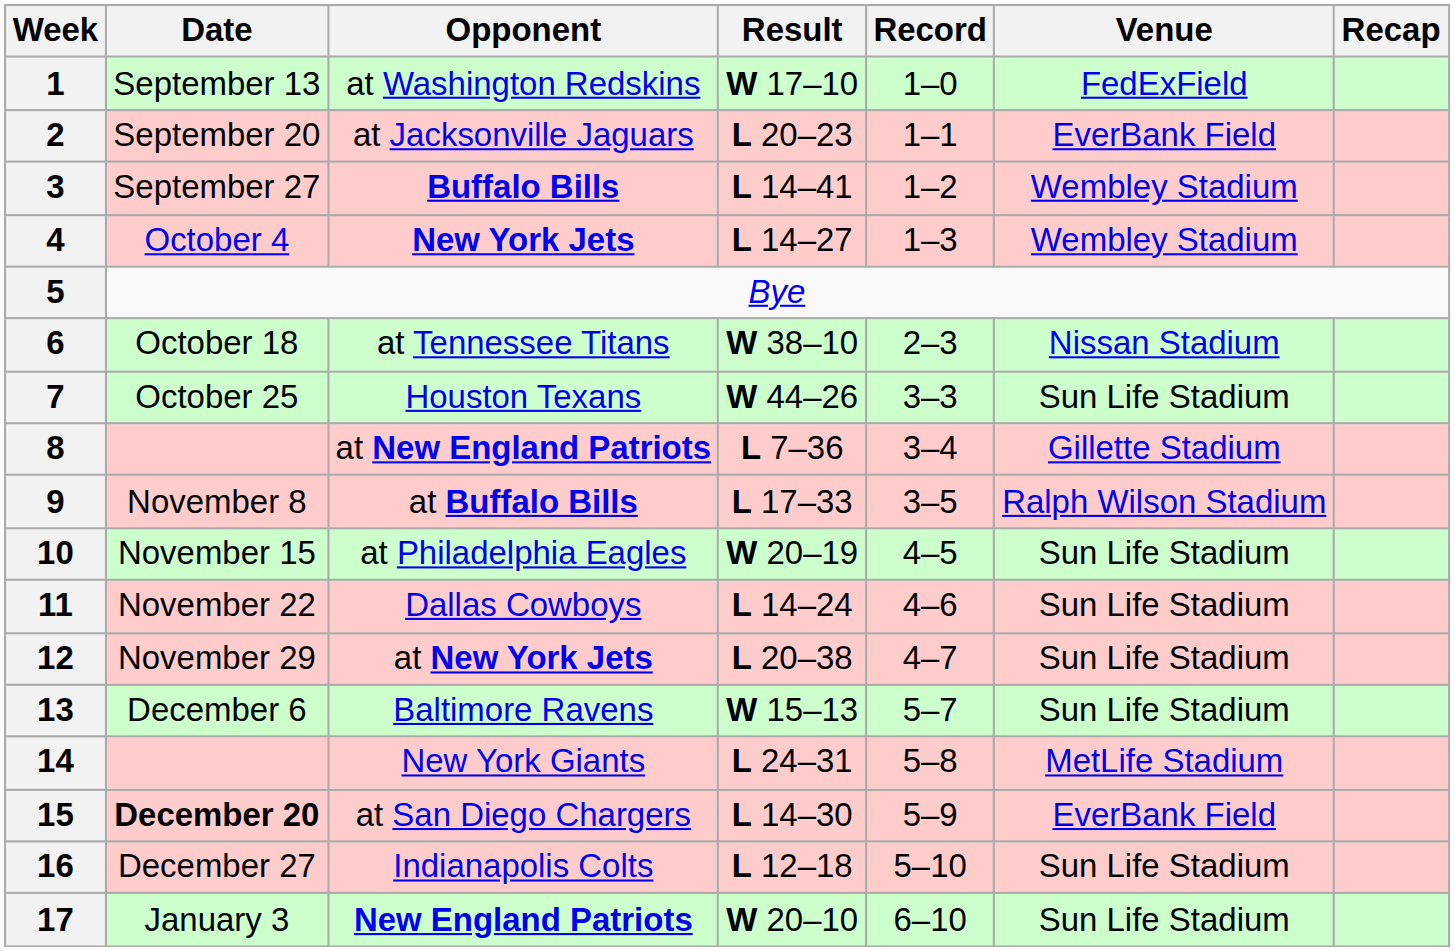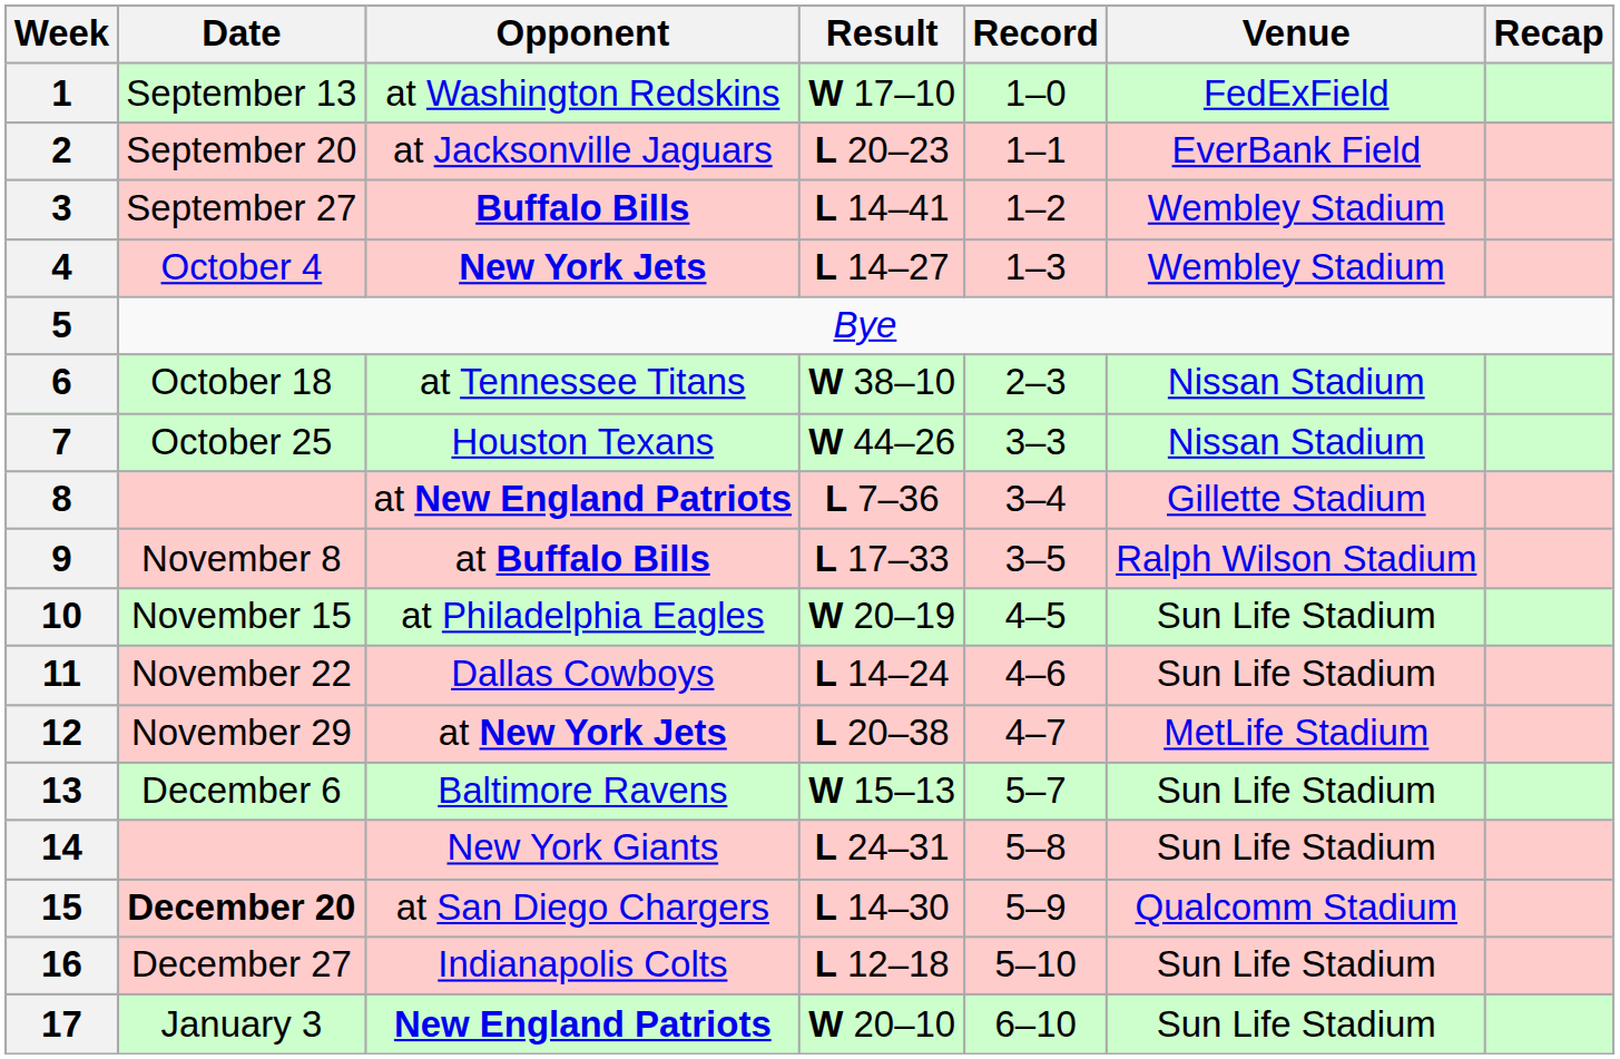 <table class="wikitable" style="text-align:center">
 <tr>
 <th>Week</th>
 <th>Date</th>
 <th>Opponent</th>
 <th>Result</th>
 <th>Record</th>
 <th>Venue</th>
 <th>Recap</th>
 </tr>
 <tr style="background:#cfc">
 <th>1</th>
 <td>September 13</td>
 <td>at <a href='#'>Washington Redskins</a></td>
 <td><strong>W</strong> 17–10</td>
 <td>1–0</td>
 <td><a href='#'>FedExField</a></td>
 <td></td>
 </tr>
 <tr style="background:#fcc">
 <th>2</th>
 <td>September 20</td>
 <td>at <a href='#'>Jacksonville Jaguars</a></td>
 <td><strong>L</strong> 20–23</td>
 <td>1–1</td>
 <td><a href='#'>EverBank Field</a></td>
 <td></td>
 </tr>
 <tr style="background:#fcc">
 <th>3</th>
 <td>September 27</td>
 <td><strong><a href='#'>Buffalo Bills</a></strong></td>
 <td><strong>L</strong> 14–41</td>
 <td>1–2</td>
 <td> <a href='#'>Wembley Stadium</a> </td>
 <td></td>
 </tr>
 <tr style="background:#fcc">
 <th>4</th>
 <td><a href='#'>October 4</a></td>
 <td><strong><a href='#'>New York Jets</a></strong></td>
 <td><strong>L</strong> 14–27</td>
 <td>1–3</td>
 <td> <a href='#'>Wembley Stadium</a> </td>
 <td></td>
 </tr>
 <tr>
 <th>5</th>
 <td colspan="6"><em><a href='#'>Bye</a></em></td>
 </tr>
 <tr style="background:#cfc">
 <th>6</th>
 <td>October 18</td>
 <td>at <a href='#'>Tennessee Titans</a></td>
 <td><strong>W</strong> 38–10</td>
 <td>2–3</td>
 <td><a href='#'>Nissan Stadium</a></td>
 <td></td>
 </tr>
 <tr style="background:#cfc">
 <th>7</th>
 <td>October 25</td>
 <td><a href='#'>Houston Texans</a></td>
 <td><strong>W</strong> 44–26</td>
 <td>3–3</td>
-<td>Sun Life Stadium</td>
+<td><a href='#'>Nissan Stadium</a></td>
 <td></td>
 </tr>
 <tr style="background:#fcc">
 <th>8</th>
 <td></td>
 <td>at <strong><a href='#'>New England Patriots</a></strong></td>
 <td><strong>L</strong> 7–36</td>
 <td>3–4</td>
 <td><a href='#'>Gillette Stadium</a></td>
 <td></td>
 </tr>
 <tr style="background:#fcc">
 <th>9</th>
 <td>November 8</td>
 <td>at <strong><a href='#'>Buffalo Bills</a></strong></td>
 <td><strong>L</strong> 17–33</td>
 <td>3–5</td>
 <td><a href='#'>Ralph Wilson Stadium</a></td>
 <td></td>
 </tr>
 <tr style="background:#cfc">
 <th>10</th>
 <td>November 15</td>
 <td>at <a href='#'>Philadelphia Eagles</a></td>
 <td><strong>W</strong> 20–19</td>
 <td>4–5</td>
 <td>Sun Life Stadium</td>
 <td></td>
 </tr>
 <tr style="background:#fcc">
 <th>11</th>
 <td>November 22</td>
 <td><a href='#'>Dallas Cowboys</a></td>
 <td><strong>L</strong> 14–24</td>
 <td>4–6</td>
 <td>Sun Life Stadium</td>
 <td></td>
 </tr>
 <tr style="background:#fcc">
 <th>12</th>
 <td>November 29</td>
 <td>at <strong><a href='#'>New York Jets</a></strong></td>
 <td><strong>L</strong> 20–38</td>
 <td>4–7</td>
-<td>Sun Life Stadium</td>
+<td><a href='#'>MetLife Stadium</a></td>
 <td></td>
 </tr>
 <tr style="background:#cfc">
 <th>13</th>
 <td>December 6</td>
 <td><a href='#'>Baltimore Ravens</a></td>
 <td><strong>W</strong> 15–13</td>
 <td>5–7</td>
 <td>Sun Life Stadium</td>
 <td></td>
 </tr>
 <tr style="background:#fcc">
 <th>14</th>
 <td></td>
 <td><a href='#'>New York Giants</a></td>
 <td><strong>L</strong> 24–31</td>
 <td>5–8</td>
-<td><a href='#'>MetLife Stadium</a></td>
+<td>Sun Life Stadium</td>
 <td></td>
 </tr>
 <tr style="background:#fcc">
 <th>15</th>
 <td><strong>December 20</strong></td>
 <td>at <a href='#'>San Diego Chargers</a></td>
 <td><strong>L</strong> 14–30</td>
 <td>5–9</td>
-<td><a href='#'>EverBank Field</a></td>
+<td><a href='#'>Qualcomm Stadium</a></td>
 <td></td>
 </tr>
 <tr style="background:#fcc">
 <th>16</th>
 <td>December 27</td>
 <td><a href='#'>Indianapolis Colts</a></td>
 <td><strong>L</strong> 12–18</td>
 <td>5–10</td>
 <td>Sun Life Stadium</td>
 <td></td>
 </tr>
 <tr style="background:#cfc">
 <th>17</th>
 <td>January 3</td>
 <td><strong><a href='#'>New England Patriots</a></strong></td>
 <td><strong>W</strong> 20–10</td>
 <td>6–10</td>
 <td>Sun Life Stadium</td>
 <td></td>
 </tr>
 </table>
